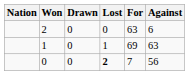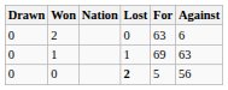 <table class="wikitable">
 <tr>
+<th>Drawn</th>
+<th>Won</th>
 <th>Nation</th>
-<th>Won</th>
-<th>Drawn</th>
 <th>Lost</th>
 <th>For</th>
 <th>Against</th>
 </tr>
 <tr>
+<td>0</td>
+<td>2</td>
 <td></td>
-<td>2</td>
-<td>0</td>
 <td>0</td>
 <td>63</td>
 <td>6</td>
 </tr>
 <tr>
+<td>0</td>
+<td>1</td>
 <td></td>
-<td>1</td>
-<td>0</td>
 <td>1</td>
 <td>69</td>
 <td>63</td>
 </tr>
 <tr>
-<td></td>
 <td>0</td>
 <td>0</td>
+<td></td>
 <td><strong>2</strong></td>
-<td>7</td>
+<td>5</td>
 <td>56</td>
 </tr>
 </table>
